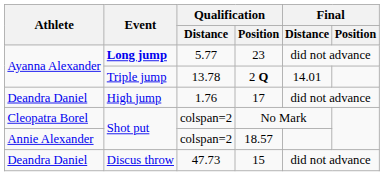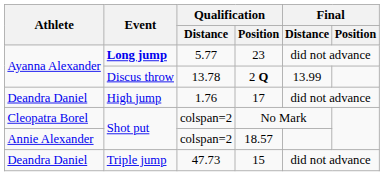 <table class=wikitable style="font-size:90%">
 <tr>
 <th rowspan="2">Athlete</th>
 <th rowspan="2">Event</th>
 <th colspan="2">Qualification</th>
 <th colspan="2">Final</th>
 </tr>
 <tr style="font-size:95%">
 <th>Distance</th>
 <th>Position</th>
 <th>Distance</th>
 <th>Position</th>
 </tr>
 <tr align=center>
 <td align=left rowspan=2><a href='#'>Ayanna Alexander</a></td>
 <td style="text-align:left;"><strong><a href='#'>Long jump</a></strong></td>
 <td>5.77</td>
 <td>23</td>
 <td colspan=2>did not advance</td>
 </tr>
 <tr align=center>
-<td style="text-align:left;"><a href='#'>Triple jump</a></td>
+<td style="text-align:left;"><a href='#'>Discus throw</a></td>
 <td>13.78</td>
 <td>2 <strong>Q</strong></td>
-<td>14.01</td>
+<td>13.99</td>
 <td></td>
 </tr>
 <tr align=center>
 <td align=left><a href='#'>Deandra Daniel</a></td>
 <td style="text-align:left;"><a href='#'>High jump</a></td>
 <td>1.76</td>
 <td>17</td>
 <td colspan=2>did not advance</td>
 </tr>
 <tr align=center>
 <td align=left><a href='#'>Cleopatra Borel</a></td>
 <td style="text-align:left;" rowspan="2"><a href='#'>Shot put</a></td>
 <td>colspan=2 </td>
 <td colspan=2>No Mark</td>
 </tr>
 <tr align=center>
 <td align=left><a href='#'>Annie Alexander</a></td>
 <td>colspan=2 </td>
 <td>18.57</td>
 <td></td>
 </tr>
 <tr align=center>
 <td align=left><a href='#'>Deandra Daniel</a></td>
-<td style="text-align:left;"><a href='#'>Discus throw</a></td>
+<td style="text-align:left;"><a href='#'>Triple jump</a></td>
 <td>47.73</td>
 <td>15</td>
 <td colspan=2>did not advance</td>
 </tr>
 </table>
